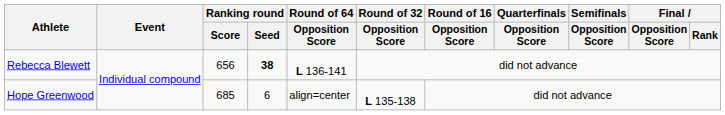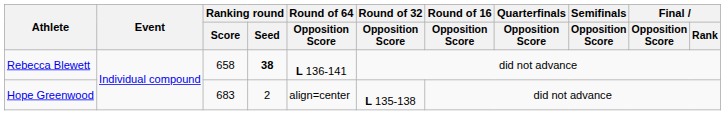 <table class="wikitable" style="font-size:90%">
 <tr>
 <th rowspan="2">Athlete</th>
 <th rowspan="2">Event</th>
 <th colspan="2">Ranking round</th>
 <th>Round of 64</th>
 <th>Round of 32</th>
 <th>Round of 16</th>
 <th>Quarterfinals</th>
 <th>Semifinals</th>
 <th colspan="2">Final / </th>
 </tr>
 <tr style="font-size:95%">
 <th>Score</th>
 <th>Seed</th>
 <th>Opposition<br>Score</th>
 <th>Opposition<br>Score</th>
 <th>Opposition<br>Score</th>
 <th>Opposition<br>Score</th>
 <th>Opposition<br>Score</th>
 <th>Opposition<br>Score</th>
 <th>Rank</th>
 </tr>
 <tr>
 <td align=left><a href='#'>Rebecca Blewett</a></td>
 <td align=left rowspan=2><a href='#'>Individual compound</a></td>
-<td align=center>656</td>
+<td align=center>658</td>
 <td align=center><strong>38</strong></td>
 <td align=center><br><strong>L</strong> 136-141</td>
 <td align=center colspan=6>did not advance</td>
 </tr>
 <tr>
 <td align=left><a href='#'>Hope Greenwood</a></td>
-<td align=center>685</td>
-<td align=center>6</td>
+<td align=center>683</td>
+<td align=center>2</td>
 <td>align=center </td>
 <td align=center><br><strong>L</strong> 135-138</td>
 <td align=center colspan=5>did not advance</td>
 </tr>
 </table>
